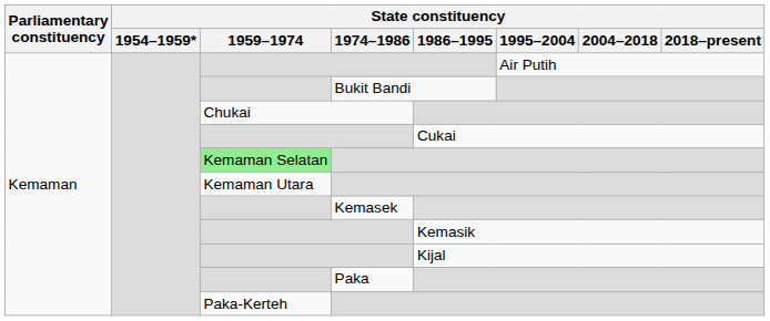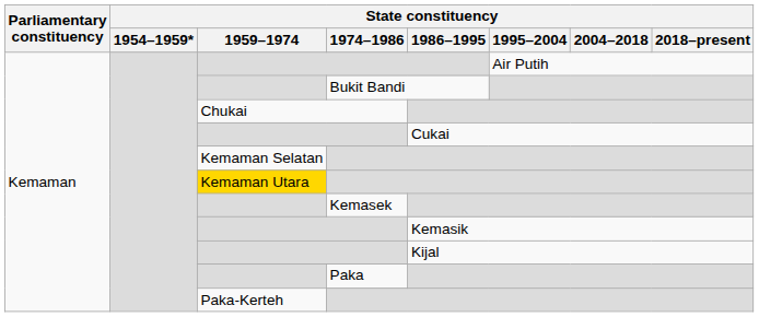 <table class="wikitable">
 <tr>
 <th rowspan="2">Parliamentary<br>constituency</th>
 <th colspan="7">State constituency</th>
 </tr>
 <tr>
 <th>1954–1959*</th>
 <th>1959–1974</th>
 <th>1974–1986</th>
 <th>1986–1995</th>
 <th>1995–2004</th>
 <th>2004–2018</th>
 <th>2018–present</th>
 </tr>
 <tr>
 <td rowspan="11">Kemaman</td>
 <td rowspan="11" bgcolor="dcdcdc"></td>
 <td colspan="3" bgcolor="dcdcdc"></td>
 <td colspan="3">Air Putih</td>
 </tr>
 <tr>
 <td bgcolor="dcdcdc"></td>
 <td colspan="2">Bukit Bandi</td>
 <td colspan="3" bgcolor="dcdcdc"></td>
 </tr>
 <tr>
 <td colspan="2">Chukai</td>
 <td colspan="4" bgcolor="dcdcdc"></td>
 </tr>
 <tr>
 <td colspan="2" bgcolor="dcdcdc"></td>
 <td colspan="4">Cukai</td>
 </tr>
 <tr>
-<td style="background: lightgreen;">Kemaman Selatan</td>
+<td>Kemaman Selatan</td>
 <td colspan="5" bgcolor="dcdcdc"></td>
 </tr>
 <tr>
-<td>Kemaman Utara</td>
+<td style="background: gold;">Kemaman Utara</td>
 <td colspan="5" bgcolor="dcdcdc"></td>
 </tr>
 <tr>
 <td bgcolor="dcdcdc"></td>
 <td>Kemasek</td>
 <td colspan="4" bgcolor="dcdcdc"></td>
 </tr>
 <tr>
 <td colspan="2" bgcolor="dcdcdc"></td>
 <td colspan="4">Kemasik</td>
 </tr>
 <tr>
 <td colspan="2" bgcolor="dcdcdc"></td>
 <td colspan="4">Kijal</td>
 </tr>
 <tr>
 <td bgcolor="dcdcdc"></td>
 <td>Paka</td>
 <td colspan="4" bgcolor="dcdcdc"></td>
 </tr>
 <tr>
 <td>Paka-Kerteh</td>
 <td colspan="5" bgcolor="dcdcdc"></td>
 </tr>
 </table>
